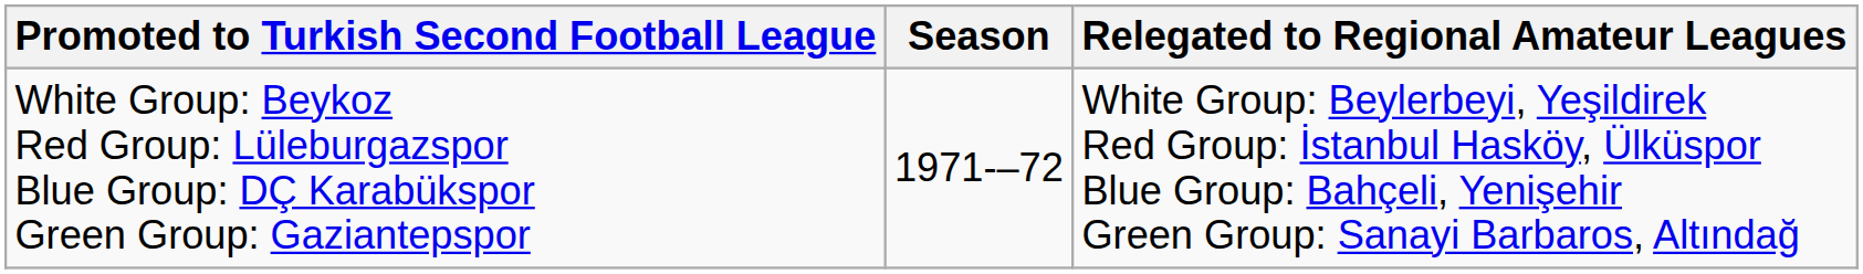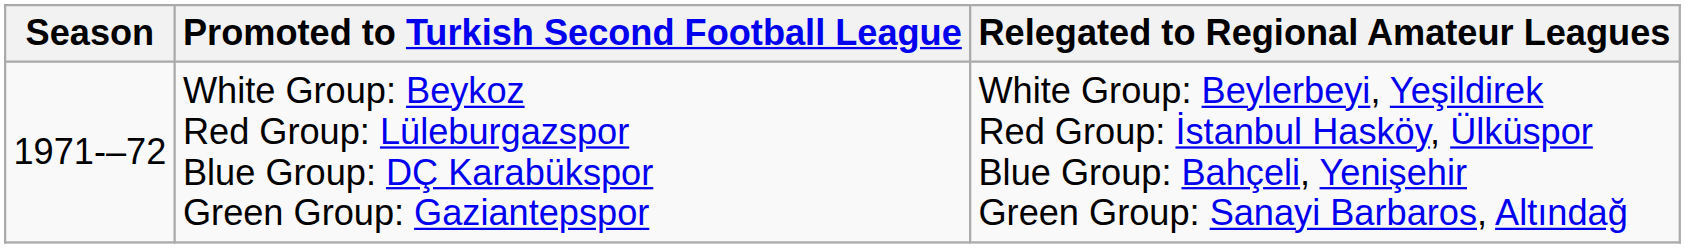 <table class="wikitable">
 <tr>
+<th>Season</th>
 <th>Promoted to <a href='#'>Turkish Second Football League</a></th>
-<th>Season</th>
 <th>Relegated to Regional Amateur Leagues</th>
 </tr>
 <tr>
+<td>1971-–72</td>
 <td>White Group: <a href='#'>Beykoz</a><br>Red Group: <a href='#'>Lüleburgazspor</a><br>Blue Group: <a href='#'>DÇ Karabükspor</a><br>Green Group: <a href='#'>Gaziantepspor</a></td>
-<td>1971-–72</td>
 <td>White Group: <a href='#'>Beylerbeyi</a>, <a href='#'>Yeşildirek</a><br>Red Group: <a href='#'>İstanbul Hasköy</a>, <a href='#'>Ülküspor</a><br>Blue Group: <a href='#'>Bahçeli</a>, <a href='#'>Yenişehir</a><br>Green Group: <a href='#'>Sanayi Barbaros</a>, <a href='#'>Altındağ</a></td>
 </tr>
 </table>
